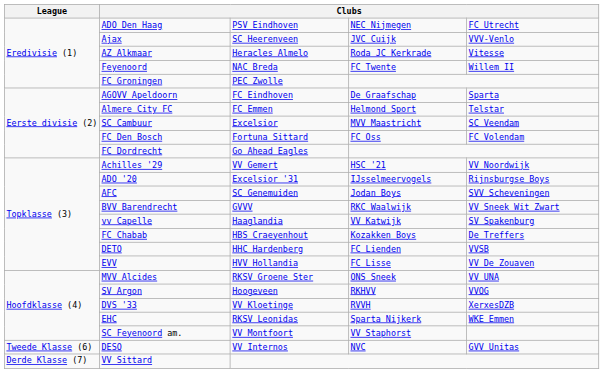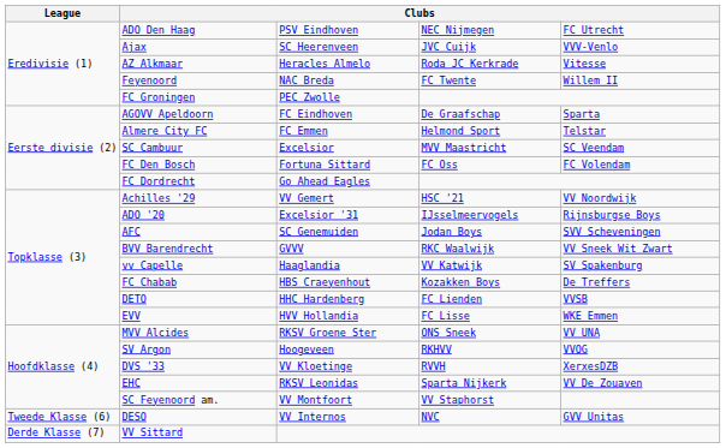 <table class="wikitable" style="font-size:85%;">
 <tr>
 <th>League</th>
 <th colspan=4>Clubs</th>
 </tr>
 <tr>
 <td width=16% rowspan=5><a href='#'>Eredivisie</a> (1)</td>
 <td width=22%><a href='#'>ADO Den Haag</a></td>
 <td><a href='#'>PSV Eindhoven</a></td>
 <td><a href='#'>NEC Nijmegen</a></td>
 <td><a href='#'>FC Utrecht</a></td>
 </tr>
 <tr>
 <td><a href='#'>Ajax</a></td>
 <td><a href='#'>SC Heerenveen</a></td>
 <td><a href='#'>JVC Cuijk</a></td>
 <td><a href='#'>VVV-Venlo</a></td>
 </tr>
 <tr>
 <td><a href='#'>AZ Alkmaar</a></td>
 <td><a href='#'>Heracles Almelo</a></td>
 <td><a href='#'>Roda JC Kerkrade</a></td>
 <td><a href='#'>Vitesse</a></td>
 </tr>
 <tr>
 <td><a href='#'>Feyenoord</a></td>
 <td><a href='#'>NAC Breda</a></td>
 <td><a href='#'>FC Twente</a></td>
 <td><a href='#'>Willem II</a></td>
 </tr>
 <tr>
 <td><a href='#'>FC Groningen</a></td>
 <td><a href='#'>PEC Zwolle</a></td>
 <td colspan=2></td>
 </tr>
 <tr>
 <td rowspan=5><a href='#'>Eerste divisie</a> (2)</td>
 <td><a href='#'>AGOVV Apeldoorn</a></td>
 <td><a href='#'>FC Eindhoven</a></td>
 <td><a href='#'>De Graafschap</a></td>
 <td><a href='#'>Sparta</a></td>
 </tr>
 <tr>
 <td><a href='#'>Almere City FC</a></td>
 <td><a href='#'>FC Emmen</a></td>
 <td><a href='#'>Helmond Sport</a></td>
 <td><a href='#'>Telstar</a></td>
 </tr>
 <tr>
 <td><a href='#'>SC Cambuur</a></td>
 <td><a href='#'>Excelsior</a></td>
 <td><a href='#'>MVV Maastricht</a></td>
 <td><a href='#'>SC Veendam</a></td>
 </tr>
 <tr>
 <td><a href='#'>FC Den Bosch</a></td>
 <td><a href='#'>Fortuna Sittard</a></td>
 <td><a href='#'>FC Oss</a></td>
 <td><a href='#'>FC Volendam</a></td>
 </tr>
 <tr>
 <td><a href='#'>FC Dordrecht</a></td>
 <td><a href='#'>Go Ahead Eagles</a></td>
 <td colspan=2></td>
 </tr>
 <tr>
 <td rowspan=8><a href='#'>Topklasse</a> (3)</td>
 <td><a href='#'>Achilles '29</a></td>
 <td><a href='#'>VV Gemert</a></td>
 <td><a href='#'>HSC '21</a></td>
 <td><a href='#'>VV Noordwijk</a></td>
 </tr>
 <tr>
 <td><a href='#'>ADO '20</a></td>
 <td><a href='#'>Excelsior '31</a></td>
 <td><a href='#'>IJsselmeervogels</a></td>
 <td><a href='#'>Rijnsburgse Boys</a></td>
 </tr>
 <tr>
 <td><a href='#'>AFC</a></td>
 <td><a href='#'>SC Genemuiden</a></td>
 <td><a href='#'>Jodan Boys</a></td>
 <td><a href='#'>SVV Scheveningen</a></td>
 </tr>
 <tr>
 <td><a href='#'>BVV Barendrecht</a></td>
 <td><a href='#'>GVVV</a></td>
 <td><a href='#'>RKC Waalwijk</a></td>
 <td><a href='#'>VV Sneek Wit Zwart</a></td>
 </tr>
 <tr>
 <td><a href='#'>vv Capelle</a></td>
 <td><a href='#'>Haaglandia</a></td>
 <td><a href='#'>VV Katwijk</a></td>
 <td><a href='#'>SV Spakenburg</a></td>
 </tr>
 <tr>
 <td><a href='#'>FC Chabab</a></td>
 <td><a href='#'>HBS Craeyenhout</a></td>
 <td><a href='#'>Kozakken Boys</a></td>
 <td><a href='#'>De Treffers</a></td>
 </tr>
 <tr>
 <td><a href='#'>DETO</a></td>
 <td><a href='#'>HHC Hardenberg</a></td>
 <td><a href='#'>FC Lienden</a></td>
 <td><a href='#'>VVSB</a></td>
 </tr>
 <tr>
 <td><a href='#'>EVV</a></td>
 <td><a href='#'>HVV Hollandia</a></td>
 <td><a href='#'>FC Lisse</a></td>
-<td><a href='#'>VV De Zouaven</a></td>
+<td><a href='#'>WKE Emmen</a></td>
 </tr>
 <tr>
 <td rowspan=5><a href='#'>Hoofdklasse</a> (4)</td>
 <td><a href='#'>MVV Alcides</a></td>
 <td><a href='#'>RKSV Groene Ster</a></td>
 <td><a href='#'>ONS Sneek</a></td>
 <td><a href='#'>VV UNA</a></td>
 </tr>
 <tr>
 <td><a href='#'>SV Argon</a></td>
 <td><a href='#'>Hoogeveen</a></td>
 <td><a href='#'>RKHVV</a></td>
 <td><a href='#'>VVOG</a></td>
 </tr>
 <tr>
 <td><a href='#'>DVS '33</a></td>
 <td><a href='#'>VV Kloetinge</a></td>
 <td><a href='#'>RVVH</a></td>
 <td><a href='#'>XerxesDZB</a></td>
 </tr>
 <tr>
 <td><a href='#'>EHC</a></td>
 <td><a href='#'>RKSV Leonidas</a></td>
 <td><a href='#'>Sparta Nijkerk</a></td>
-<td><a href='#'>WKE Emmen</a></td>
+<td><a href='#'>VV De Zouaven</a></td>
 </tr>
 <tr>
 <td><a href='#'>SC Feyenoord</a> am.</td>
 <td><a href='#'>VV Montfoort</a></td>
 <td><a href='#'>VV Staphorst</a></td>
 <td></td>
 </tr>
 <tr>
 <td><a href='#'>Tweede Klasse</a> (6)</td>
 <td><a href='#'>DESO</a></td>
 <td><a href='#'>VV Internos</a></td>
 <td><a href='#'>NVC</a></td>
 <td><a href='#'>GVV Unitas</a></td>
 </tr>
 <tr>
 <td><a href='#'>Derde Klasse</a> (7)</td>
 <td><a href='#'>VV Sittard</a></td>
 <td colspan=3></td>
 </tr>
 </table>
